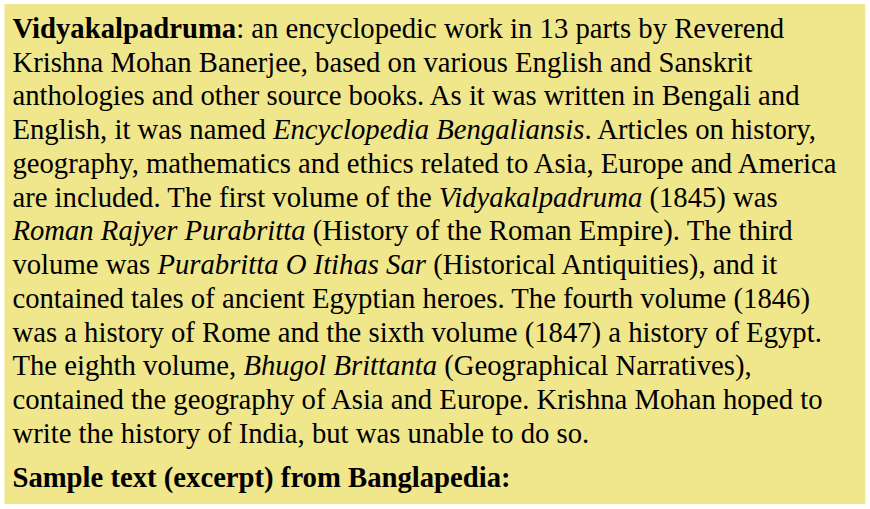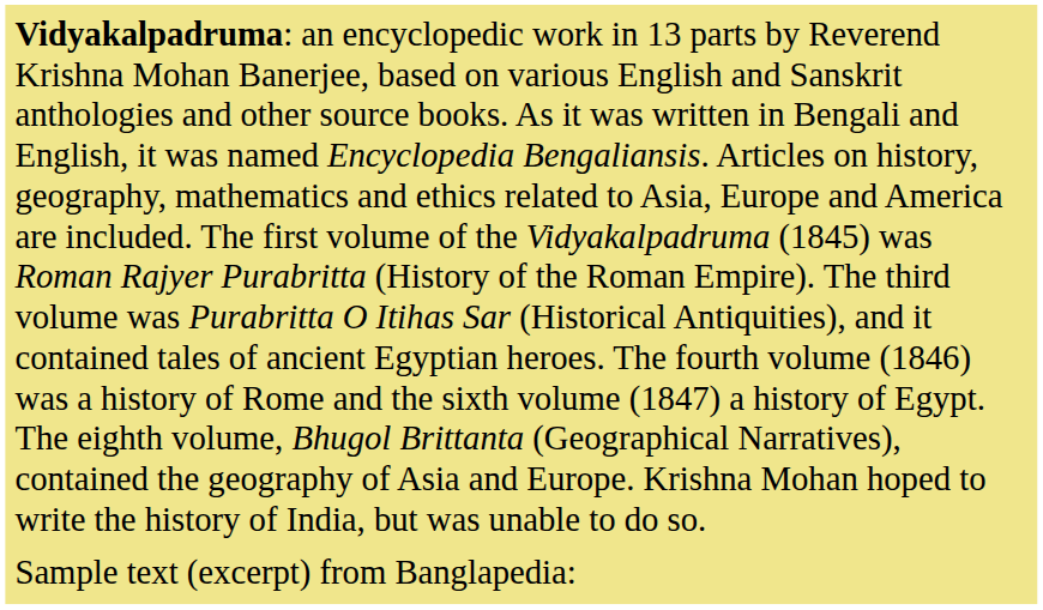 <table style="float:right; margin-left:1em; margin-right:2em; font-size:85%; background:khaki; color:black; width:30em; max-width:40%;" cellspacing="3">
 <tr>
 <td style="text-align: left;"><strong>Vidyakalpadruma</strong>: an encyclopedic work in 13 parts by Reverend Krishna Mohan Banerjee, based on various English and Sanskrit anthologies and other source books. As it was written in Bengali and English, it was named <em>Encyclopedia Bengaliansis</em>. Articles on history, geography, mathematics and ethics related to Asia, Europe and America are included. The first volume of the <em>Vidyakalpadruma</em> (1845) was <em>Roman Rajyer Purabritta</em> (History of the Roman Empire). The third volume was <em>Purabritta O Itihas Sar</em> (Historical Antiquities), and it contained tales of ancient Egyptian heroes. The fourth volume (1846) was a history of Rome and the sixth volume (1847) a history of Egypt. The eighth volume, <em>Bhugol Brittanta</em> (Geographical Narratives), contained the geography of Asia and Europe. Krishna Mohan hoped to write the history of India, but was unable to do so.</td>
 </tr>
 <tr>
-<td style="text-align: left;"><strong>Sample text (excerpt) from Banglapedia: <span></span></strong></td>
+<td style="text-align: left;">Sample text (excerpt) from Banglapedia: <span></span></td>
 </tr>
 </table>
